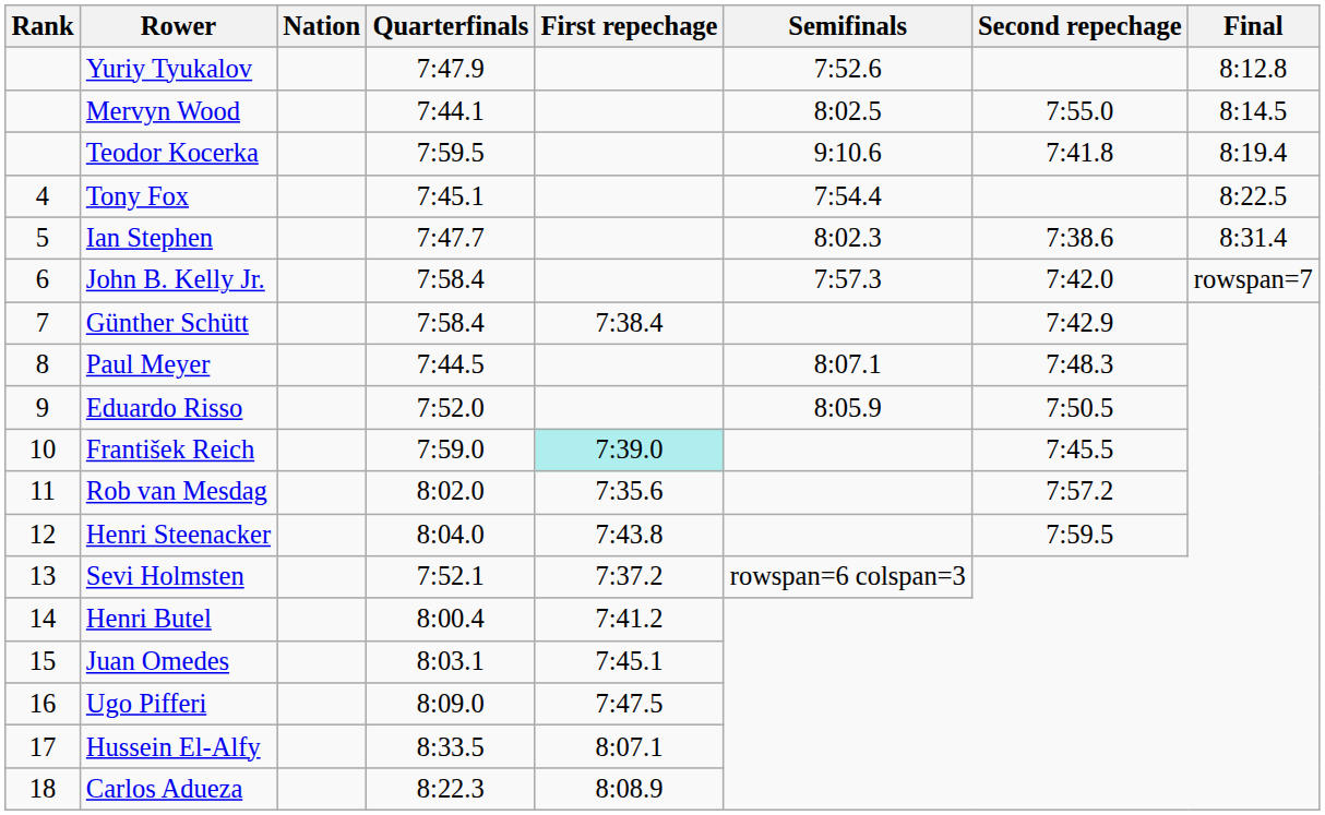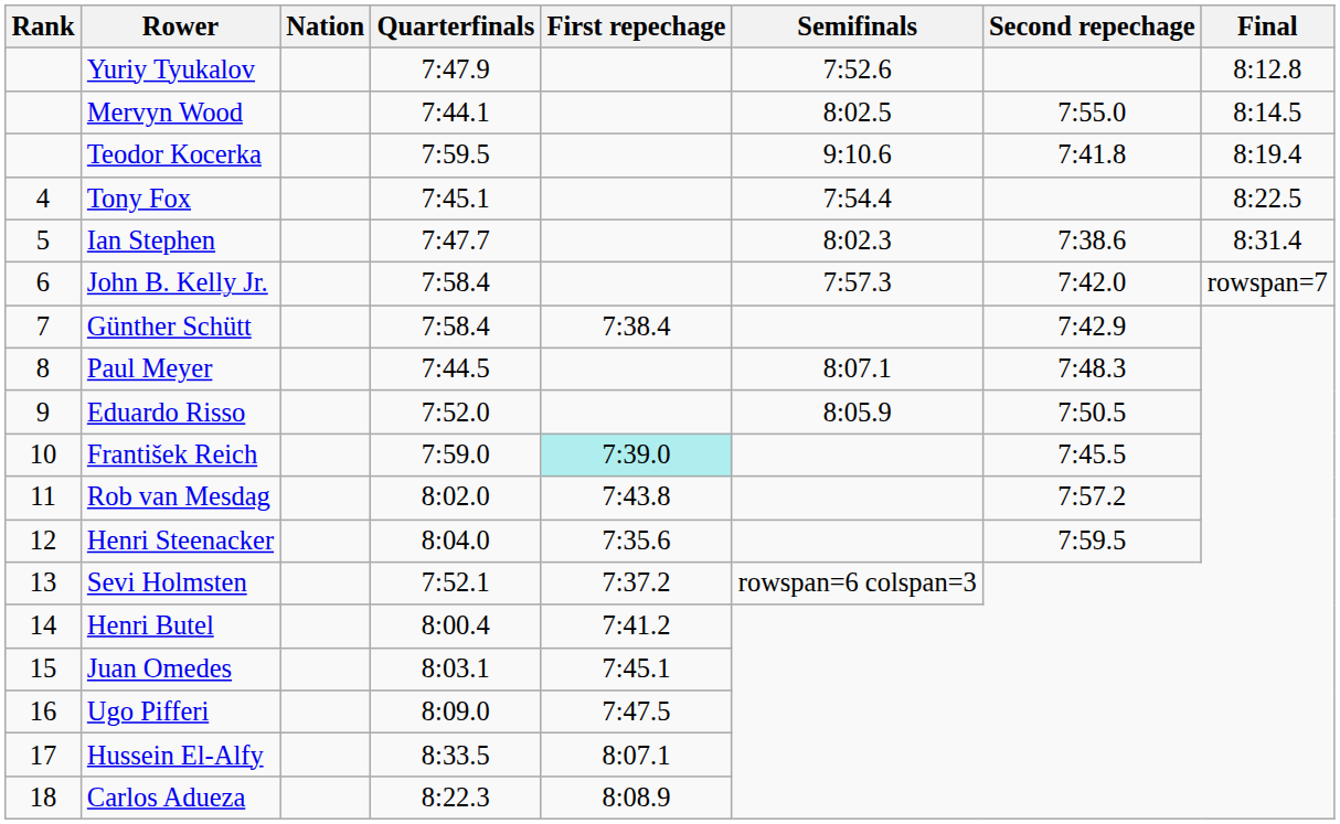 <table class="wikitable sortable" style="text-align:center">
 <tr>
 <th>Rank</th>
 <th>Rower</th>
 <th>Nation</th>
 <th>Quarterfinals</th>
 <th>First repechage</th>
 <th>Semifinals</th>
 <th>Second repechage</th>
 <th>Final</th>
 </tr>
 <tr>
 <td></td>
 <td align=left><a href='#'>Yuriy Tyukalov</a></td>
 <td align=left></td>
 <td>7:47.9</td>
 <td></td>
 <td>7:52.6</td>
 <td></td>
 <td>8:12.8</td>
 </tr>
 <tr>
 <td></td>
 <td align=left><a href='#'>Mervyn Wood</a></td>
 <td align=left></td>
 <td>7:44.1</td>
 <td></td>
 <td>8:02.5</td>
 <td>7:55.0</td>
 <td>8:14.5</td>
 </tr>
 <tr>
 <td></td>
 <td align=left><a href='#'>Teodor Kocerka</a></td>
 <td align=left></td>
 <td>7:59.5</td>
 <td></td>
 <td>9:10.6</td>
 <td>7:41.8</td>
 <td>8:19.4</td>
 </tr>
 <tr>
 <td>4</td>
 <td align=left><a href='#'>Tony Fox</a></td>
 <td align=left></td>
 <td>7:45.1</td>
 <td></td>
 <td>7:54.4</td>
 <td></td>
 <td>8:22.5</td>
 </tr>
 <tr>
 <td>5</td>
 <td align=left><a href='#'>Ian Stephen</a></td>
 <td align=left></td>
 <td>7:47.7</td>
 <td></td>
 <td>8:02.3</td>
 <td>7:38.6</td>
 <td>8:31.4</td>
 </tr>
 <tr>
 <td>6</td>
 <td align=left><a href='#'>John B. Kelly Jr.</a></td>
 <td align=left></td>
 <td>7:58.4</td>
 <td></td>
 <td>7:57.3</td>
 <td>7:42.0</td>
 <td>rowspan=7 </td>
 </tr>
 <tr>
 <td>7</td>
 <td align=left><a href='#'>Günther Schütt</a></td>
 <td align=left></td>
 <td>7:58.4</td>
 <td>7:38.4</td>
 <td></td>
 <td>7:42.9</td>
 </tr>
 <tr>
 <td>8</td>
 <td align=left><a href='#'>Paul Meyer</a></td>
 <td align=left></td>
 <td>7:44.5</td>
 <td></td>
 <td>8:07.1</td>
 <td>7:48.3</td>
 </tr>
 <tr>
 <td>9</td>
 <td align=left><a href='#'>Eduardo Risso</a></td>
 <td align=left></td>
 <td>7:52.0</td>
 <td></td>
 <td>8:05.9</td>
 <td>7:50.5</td>
 </tr>
 <tr>
 <td>10</td>
 <td align=left><a href='#'>František Reich</a></td>
 <td align=left></td>
 <td>7:59.0</td>
 <td style="background: paleturquoise;">7:39.0</td>
 <td></td>
 <td>7:45.5</td>
 </tr>
 <tr>
 <td>11</td>
 <td align=left><a href='#'>Rob van Mesdag</a></td>
 <td align=left></td>
 <td>8:02.0</td>
-<td>7:35.6</td>
+<td>7:43.8</td>
 <td></td>
 <td>7:57.2</td>
 </tr>
 <tr>
 <td>12</td>
 <td align=left><a href='#'>Henri Steenacker</a></td>
 <td align=left></td>
 <td>8:04.0</td>
-<td>7:43.8</td>
+<td>7:35.6</td>
 <td></td>
 <td>7:59.5</td>
 </tr>
 <tr>
 <td>13</td>
 <td align=left><a href='#'>Sevi Holmsten</a></td>
 <td align=left></td>
 <td>7:52.1</td>
 <td>7:37.2</td>
 <td>rowspan=6 colspan=3 </td>
 </tr>
 <tr>
 <td>14</td>
 <td align=left><a href='#'>Henri Butel</a></td>
 <td align=left></td>
 <td>8:00.4</td>
 <td>7:41.2</td>
 </tr>
 <tr>
 <td>15</td>
 <td align=left><a href='#'>Juan Omedes</a></td>
 <td align=left></td>
 <td>8:03.1</td>
 <td>7:45.1</td>
 </tr>
 <tr>
 <td>16</td>
 <td align=left><a href='#'>Ugo Pifferi</a></td>
 <td align=left></td>
 <td>8:09.0</td>
 <td>7:47.5</td>
 </tr>
 <tr>
 <td>17</td>
 <td align=left><a href='#'>Hussein El-Alfy</a></td>
 <td align=left></td>
 <td>8:33.5</td>
 <td>8:07.1</td>
 </tr>
 <tr>
 <td>18</td>
 <td align=left><a href='#'>Carlos Adueza</a></td>
 <td align=left></td>
 <td>8:22.3</td>
 <td>8:08.9</td>
 </tr>
 </table>
